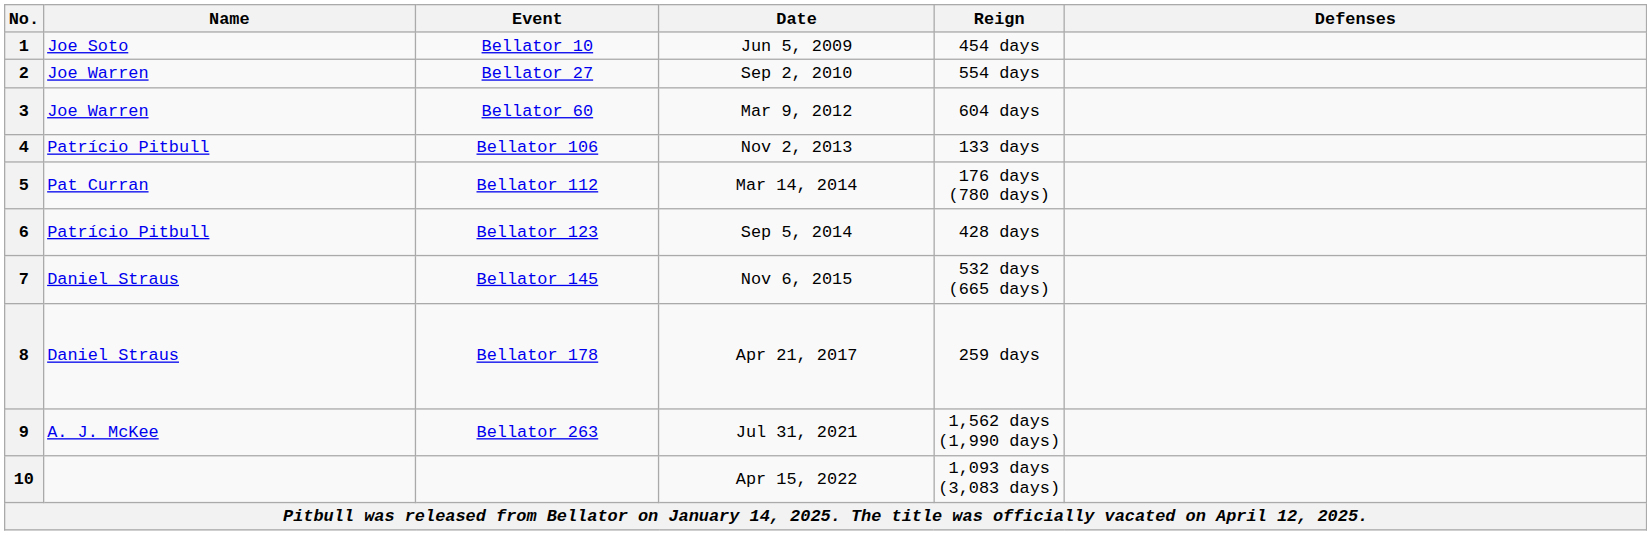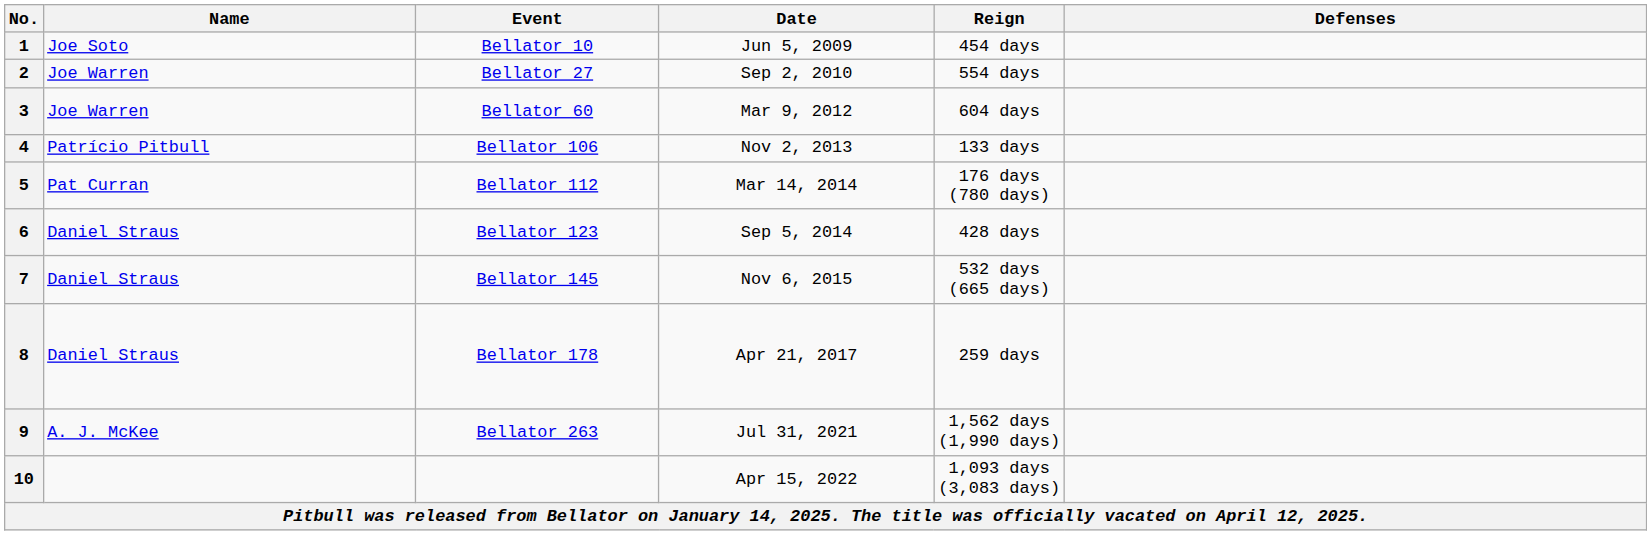 <table class="wikitable" width=100% style="text-align: center;">
 <tr>
 <th width=1%>No.</th>
 <th width=23%>Name</th>
 <th width=15%>Event</th>
 <th width=17%>Date</th>
 <th width=8%>Reign</th>
 <th width=36%>Defenses</th>
 </tr>
 <tr>
 <th>1</th>
 <td align=left> <a href='#'>Joe Soto</a><br></td>
 <td><a href='#'>Bellator 10</a><br></td>
 <td>Jun 5, 2009</td>
 <td>454 days</td>
 <td></td>
 </tr>
 <tr>
 <th>2</th>
 <td align=left> <a href='#'>Joe Warren</a></td>
 <td><a href='#'>Bellator 27</a><br></td>
 <td>Sep 2, 2010</td>
 <td>554 days</td>
 <td></td>
 </tr>
 <tr>
 <th>3</th>
 <td align=left> <a href='#'>Joe Warren</a></td>
 <td><a href='#'>Bellator 60</a><br></td>
 <td>Mar 9, 2012</td>
 <td>604 days</td>
 <td align=left><br><br> </td>
 </tr>
 <tr>
 <th>4</th>
 <td align=left> <a href='#'>Patrício Pitbull</a> </td>
 <td><a href='#'>Bellator 106</a><br></td>
 <td>Nov 2, 2013</td>
 <td>133 days</td>
 <td></td>
 </tr>
 <tr>
 <th>5</th>
 <td align=left> <a href='#'>Pat Curran</a> </td>
 <td><a href='#'>Bellator 112</a><br></td>
 <td>Mar 14, 2014</td>
 <td>176 days<br>(780 days)</td>
 <td></td>
 </tr>
 <tr>
 <th>6</th>
-<td align=left> <a href='#'>Patrício Pitbull</a></td>
+<td align=left> <a href='#'>Daniel Straus</a></td>
 <td><a href='#'>Bellator 123</a><br></td>
 <td>Sep 5, 2014</td>
 <td>428 days</td>
 <td align=left><br><br> </td>
 </tr>
 <tr>
 <th>7</th>
 <td align=left> <a href='#'>Daniel Straus</a> </td>
 <td><a href='#'>Bellator 145</a><br></td>
 <td>Nov 6, 2015</td>
 <td>532 days<br>(665 days)</td>
 <td></td>
 </tr>
 <tr>
 <th>8</th>
 <td align=left> <a href='#'>Daniel Straus</a></td>
 <td><a href='#'>Bellator 178</a><br></td>
 <td>Apr 21, 2017</td>
 <td>259 days</td>
 <td align=left><br><br> <br> <br> <br> </td>
 </tr>
 <tr>
 <th>9</th>
 <td align=left> <a href='#'>A. J. McKee</a></td>
 <td><a href='#'>Bellator 263</a><br></td>
 <td>Jul 31, 2021</td>
 <td>1,562 days<br>(1,990 days)</td>
 <td></td>
 </tr>
 <tr>
 <th>10</th>
 <td align=left></td>
 <td><br></td>
 <td>Apr 15, 2022</td>
 <td>1,093 days<br>(3,083 days)</td>
 <td align=left><br><br> </td>
 </tr>
 <tr>
 <th colspan=6><em>Pitbull was released from Bellator on January 14, 2025. The title was officially vacated on April 12, 2025.</th>
 </tr>
 </table>
